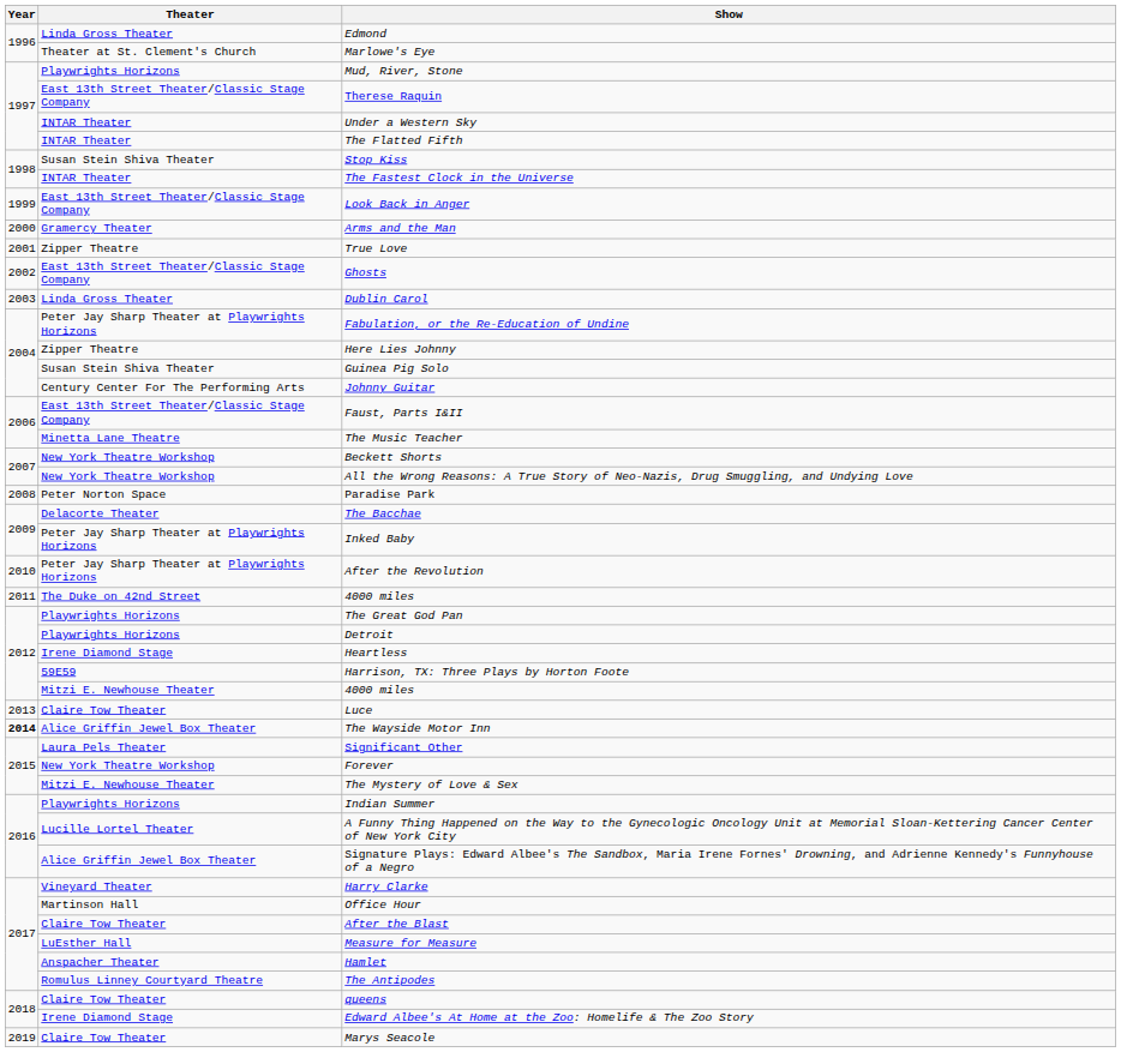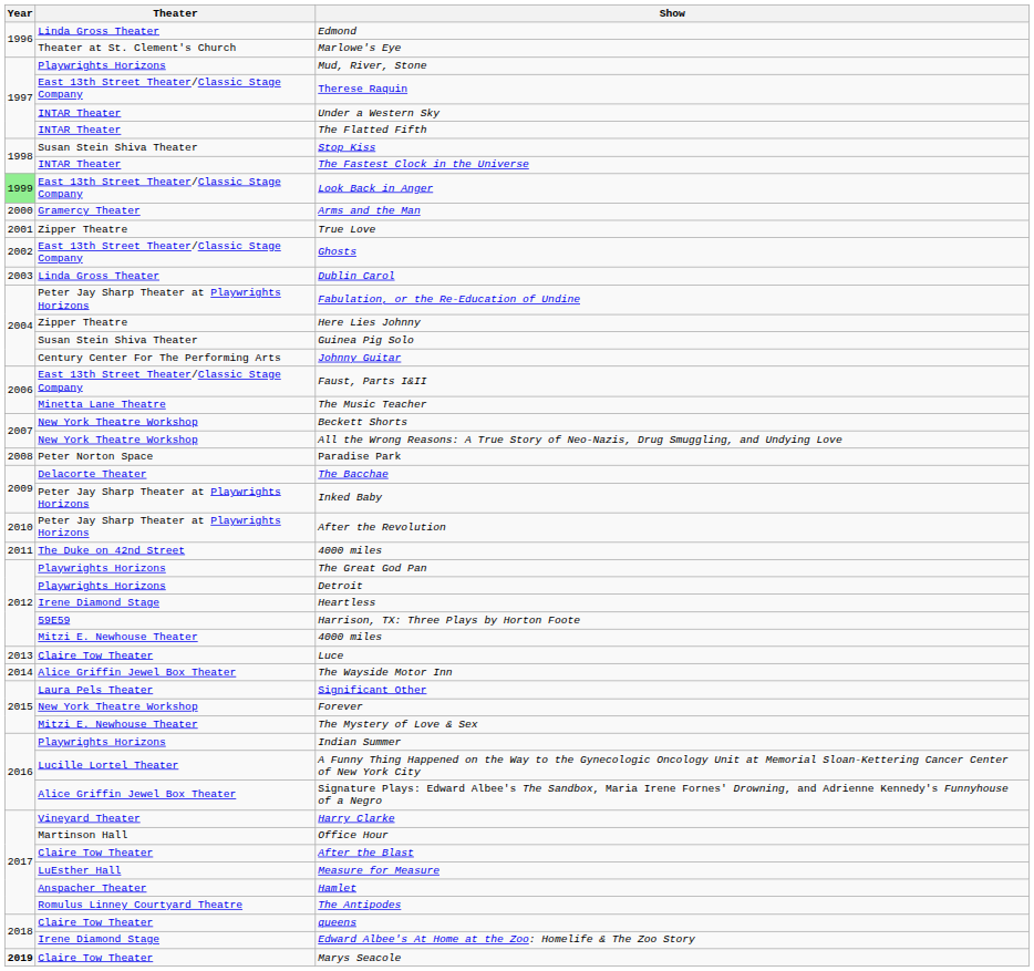 <table class="wikitable">
 <tr>
 <th>Year</th>
 <th>Theater</th>
 <th>Show</th>
 </tr>
 <tr>
 <td rowspan=2>1996</td>
 <td><a href='#'>Linda Gross Theater</a></td>
 <td><em>Edmond</em></td>
 </tr>
 <tr>
 <td>Theater at St. Clement's Church</td>
 <td><em>Marlowe's Eye</em></td>
 </tr>
 <tr>
 <td rowspan=4>1997</td>
 <td><a href='#'>Playwrights Horizons</a></td>
 <td><em>Mud, River, Stone</em></td>
 </tr>
 <tr>
 <td><a href='#'>East 13th Street Theater</a>/<a href='#'>Classic Stage Company</a></td>
 <td><a href='#'>Therese Raquin</a></td>
 </tr>
 <tr>
 <td><a href='#'>INTAR Theater</a></td>
 <td><em>Under a Western Sky</em></td>
 </tr>
 <tr>
 <td><a href='#'>INTAR Theater</a></td>
 <td><em>The Flatted Fifth</em></td>
 </tr>
 <tr>
 <td rowspan=2>1998</td>
 <td>Susan Stein Shiva Theater</td>
 <td><em><a href='#'>Stop Kiss</a></em></td>
 </tr>
 <tr>
 <td><a href='#'>INTAR Theater</a></td>
 <td><em><a href='#'>The Fastest Clock in the Universe</a></em></td>
 </tr>
 <tr>
-<td>1999</td>
+<td style="background: lightgreen;">1999</td>
 <td><a href='#'>East 13th Street Theater</a>/<a href='#'>Classic Stage Company</a></td>
 <td><em><a href='#'>Look Back in Anger</a></em></td>
 </tr>
 <tr>
 <td>2000</td>
 <td><a href='#'>Gramercy Theater</a></td>
 <td><em><a href='#'>Arms and the Man</a></em></td>
 </tr>
 <tr>
 <td>2001</td>
 <td>Zipper Theatre</td>
 <td><em>True Love</em></td>
 </tr>
 <tr>
 <td>2002</td>
 <td><a href='#'>East 13th Street Theater</a>/<a href='#'>Classic Stage Company</a></td>
 <td><em><a href='#'>Ghosts</a></em></td>
 </tr>
 <tr>
 <td>2003</td>
 <td><a href='#'>Linda Gross Theater</a></td>
 <td><em><a href='#'>Dublin Carol</a></em></td>
 </tr>
 <tr>
 <td rowspan=4>2004</td>
 <td>Peter Jay Sharp Theater at <a href='#'>Playwrights Horizons</a></td>
 <td><em><a href='#'>Fabulation, or the Re-Education of Undine</a></em></td>
 </tr>
 <tr>
 <td>Zipper Theatre</td>
 <td><em>Here Lies Johnny</em></td>
 </tr>
 <tr>
 <td>Susan Stein Shiva Theater</td>
 <td><em>Guinea Pig Solo</em></td>
 </tr>
 <tr>
 <td>Century Center For The Performing Arts</td>
 <td><em><a href='#'>Johnny Guitar</a></em></td>
 </tr>
 <tr>
 <td rowspan=2>2006</td>
 <td><a href='#'>East 13th Street Theater</a>/<a href='#'>Classic Stage Company</a></td>
 <td><em>Faust, Parts I&II</em></td>
 </tr>
 <tr>
 <td><a href='#'>Minetta Lane Theatre</a></td>
 <td><em>The Music Teacher</em></td>
 </tr>
 <tr>
 <td rowspan=2>2007</td>
 <td><a href='#'>New York Theatre Workshop</a></td>
 <td><em>Beckett Shorts</em></td>
 </tr>
 <tr>
 <td><a href='#'>New York Theatre Workshop</a></td>
 <td><em>All the Wrong Reasons: A True Story of Neo-Nazis, Drug Smuggling, and Undying Love</em></td>
 </tr>
 <tr>
 <td>2008</td>
 <td>Peter Norton Space</td>
 <td>Paradise Park</td>
 </tr>
 <tr>
 <td rowspan=2>2009</td>
 <td><a href='#'>Delacorte Theater</a></td>
 <td><em><a href='#'>The Bacchae</a></em></td>
 </tr>
 <tr>
 <td>Peter Jay Sharp Theater at <a href='#'>Playwrights Horizons</a></td>
 <td><em>Inked Baby</em></td>
 </tr>
 <tr>
 <td>2010</td>
 <td>Peter Jay Sharp Theater at <a href='#'>Playwrights Horizons</a></td>
 <td><em>After the Revolution</em></td>
 </tr>
 <tr>
 <td>2011</td>
 <td><a href='#'>The Duke on 42nd Street</a></td>
 <td><em>4000 miles</em></td>
 </tr>
 <tr>
 <td rowspan=5>2012</td>
 <td><a href='#'>Playwrights Horizons</a></td>
 <td><em>The Great God Pan</em></td>
 </tr>
 <tr>
 <td><a href='#'>Playwrights Horizons</a></td>
 <td><em>Detroit</em></td>
 </tr>
 <tr>
 <td><a href='#'>Irene Diamond Stage</a></td>
 <td><em>Heartless</em></td>
 </tr>
 <tr>
 <td><a href='#'>59E59</a></td>
 <td><em>Harrison, TX: Three Plays by Horton Foote</em></td>
 </tr>
 <tr>
 <td><a href='#'>Mitzi E. Newhouse Theater</a></td>
 <td><em>4000 miles</em></td>
 </tr>
 <tr>
 <td>2013</td>
 <td><a href='#'>Claire Tow Theater</a></td>
 <td><em>Luce</em></td>
 </tr>
 <tr>
-<td><strong>2014</strong></td>
+<td>2014</td>
 <td><a href='#'>Alice Griffin Jewel Box Theater</a></td>
 <td><em>The Wayside Motor Inn</em></td>
 </tr>
 <tr>
 <td rowspan=3>2015</td>
 <td><a href='#'>Laura Pels Theater</a></td>
 <td><a href='#'>Significant Other</a></td>
 </tr>
 <tr>
 <td><a href='#'>New York Theatre Workshop</a></td>
 <td><em>Forever</em></td>
 </tr>
 <tr>
 <td><a href='#'>Mitzi E. Newhouse Theater</a></td>
 <td><em>The Mystery of Love & Sex</em></td>
 </tr>
 <tr>
 <td rowspan=3>2016</td>
 <td><a href='#'>Playwrights Horizons</a></td>
 <td><em>Indian Summer</em></td>
 </tr>
 <tr>
 <td><a href='#'>Lucille Lortel Theater</a></td>
 <td><em>A Funny Thing Happened on the Way to the Gynecologic Oncology Unit at Memorial Sloan-Kettering Cancer Center of New York City</em></td>
 </tr>
 <tr>
 <td><a href='#'>Alice Griffin Jewel Box Theater</a></td>
 <td>Signature Plays: Edward Albee's <em>The Sandbox</em>, Maria Irene Fornes' <em>Drowning</em>, and Adrienne Kennedy's <em>Funnyhouse of a Negro</em></td>
 </tr>
 <tr>
 <td rowspan=6>2017</td>
 <td><a href='#'>Vineyard Theater</a></td>
 <td><em><a href='#'>Harry Clarke</a></em></td>
 </tr>
 <tr>
 <td>Martinson Hall</td>
 <td><em>Office Hour</em></td>
 </tr>
 <tr>
 <td><a href='#'>Claire Tow Theater</a></td>
 <td><em><a href='#'>After the Blast</a></em></td>
 </tr>
 <tr>
 <td><a href='#'>LuEsther Hall</a></td>
 <td><em><a href='#'>Measure for Measure</a></em></td>
 </tr>
 <tr>
 <td><a href='#'>Anspacher Theater</a></td>
 <td><em><a href='#'>Hamlet</a></em></td>
 </tr>
 <tr>
 <td><a href='#'>Romulus Linney Courtyard Theatre</a></td>
 <td><em><a href='#'>The Antipodes</a></em></td>
 </tr>
 <tr>
 <td rowspan=2>2018</td>
 <td><a href='#'>Claire Tow Theater</a></td>
 <td><em><a href='#'>queens</a></em></td>
 </tr>
 <tr>
 <td><a href='#'>Irene Diamond Stage</a></td>
 <td><em><a href='#'>Edward Albee's At Home at the Zoo</a>: Homelife & The Zoo Story</em></td>
 </tr>
 <tr>
-<td rowspan=1>2019</td>
+<td rowspan=1><strong>2019</strong></td>
 <td><a href='#'>Claire Tow Theater</a></td>
 <td><em>Marys Seacole</em></td>
 </tr>
 </table>
